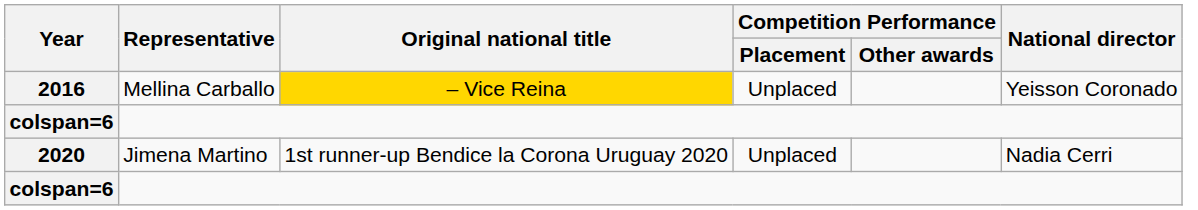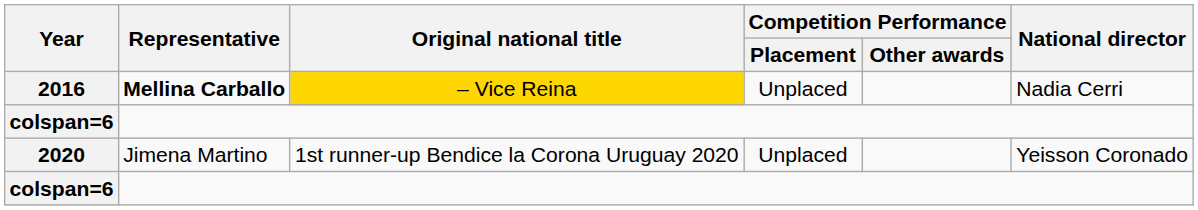 <table class="wikitable" style="font-size:95%;">
 <tr>
 <th rowspan=2>Year</th>
 <th rowspan=2>Representative</th>
 <th rowspan=2>Original national title</th>
 <th colspan=2>Competition Performance</th>
 <th rowspan=2>National director</th>
 </tr>
 <tr>
 <th>Placement</th>
 <th>Other awards</th>
 </tr>
 <tr>
 <th>2016</th>
-<td>Mellina Carballo</td>
+<td><strong>Mellina Carballo</strong></td>
 <td align=center style="background: gold;"> – Vice Reina</td>
 <td align=center>Unplaced</td>
 <td></td>
-<td>Yeisson Coronado</td>
+<td>Nadia Cerri</td>
 </tr>
 <tr>
 <th>colspan=6 </th>
 </tr>
 <tr>
 <th>2020</th>
 <td>Jimena Martino</td>
 <td align=center>1st runner-up Bendice la Corona Uruguay 2020</td>
 <td align=center>Unplaced</td>
 <td></td>
-<td>Nadia Cerri</td>
+<td>Yeisson Coronado</td>
 </tr>
 <tr>
 <th>colspan=6 </th>
 </tr>
 </table>
